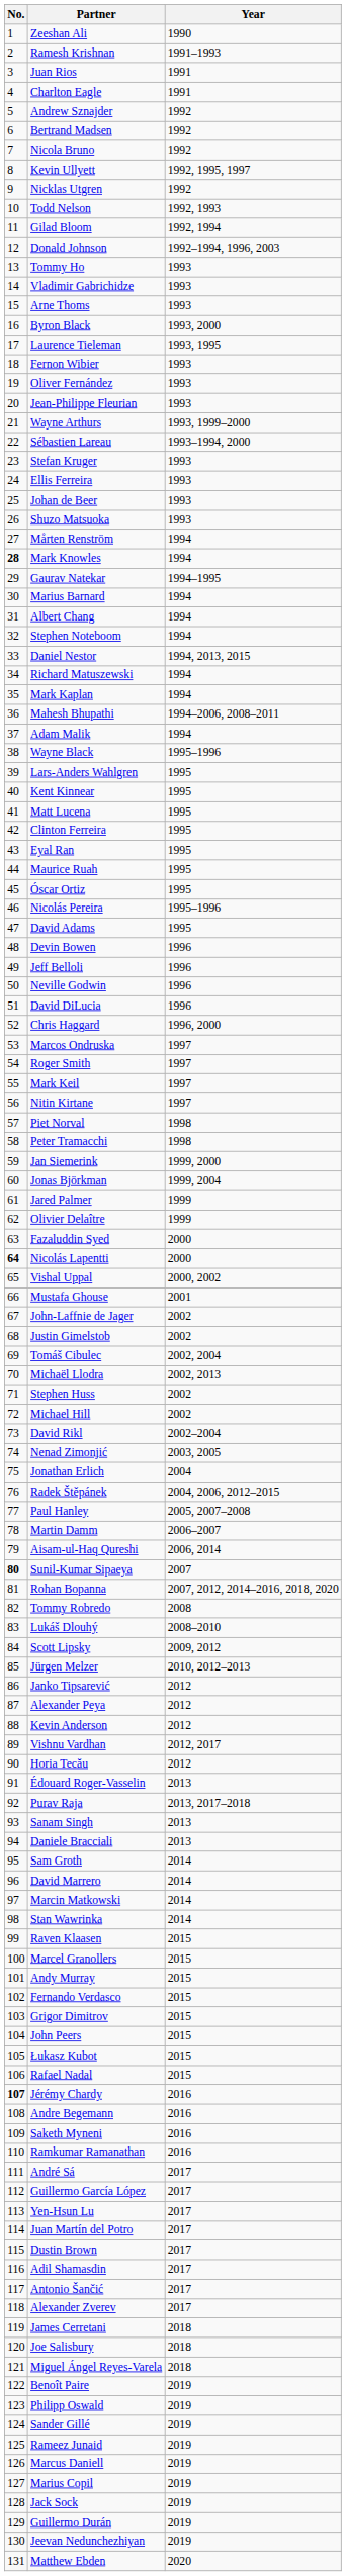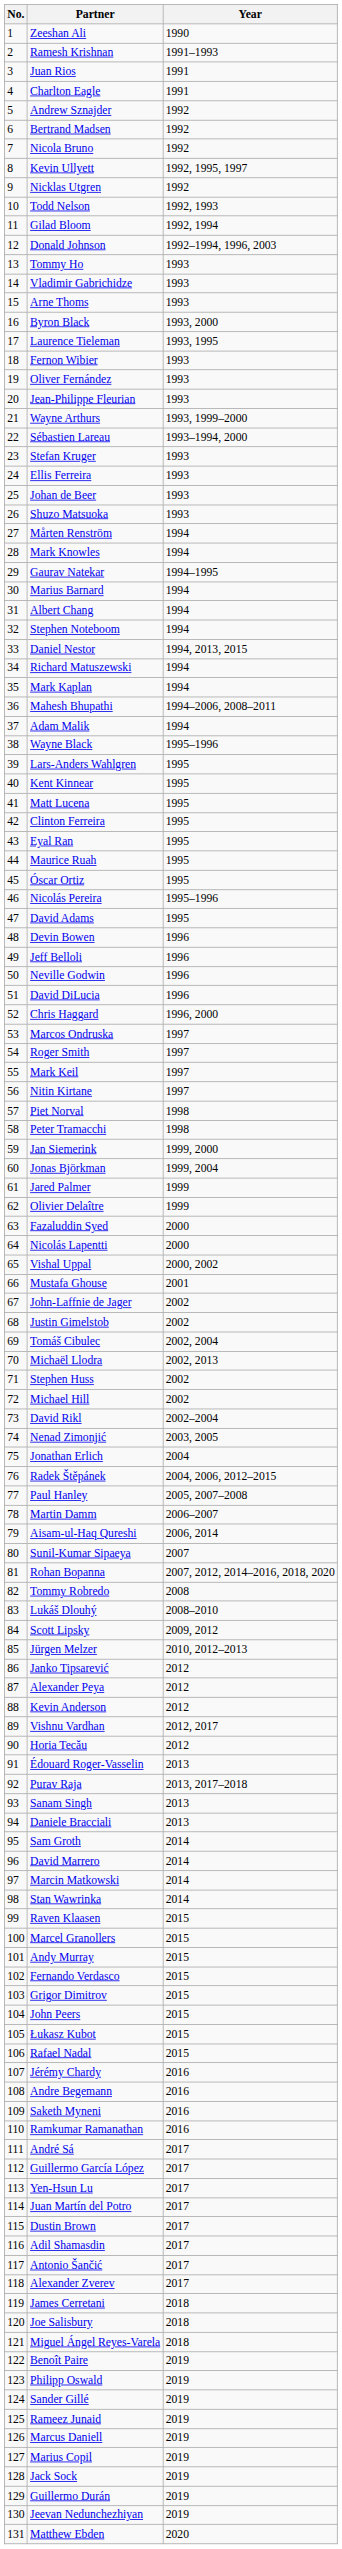 <table class="wikitable sortable" style=font-size:90%>
 <tr>
 <th>No.</th>
 <th>Partner</th>
 <th>Year</th>
 </tr>
 <tr>
 <td>1</td>
 <td> <a href='#'>Zeeshan Ali</a></td>
 <td>1990</td>
 </tr>
 <tr>
 <td>2</td>
 <td> <a href='#'>Ramesh Krishnan</a></td>
 <td>1991–1993</td>
 </tr>
 <tr>
 <td>3</td>
 <td> <a href='#'>Juan Rios</a></td>
 <td>1991</td>
 </tr>
 <tr>
 <td>4</td>
 <td> <a href='#'>Charlton Eagle</a></td>
 <td>1991</td>
 </tr>
 <tr>
 <td>5</td>
 <td> <a href='#'>Andrew Sznajder</a></td>
 <td>1992</td>
 </tr>
 <tr>
 <td>6</td>
 <td> <a href='#'>Bertrand Madsen</a></td>
 <td>1992</td>
 </tr>
 <tr>
 <td>7</td>
 <td> <a href='#'>Nicola Bruno</a></td>
 <td>1992</td>
 </tr>
 <tr>
 <td>8</td>
 <td> <a href='#'>Kevin Ullyett</a></td>
 <td>1992, 1995, 1997</td>
 </tr>
 <tr>
 <td>9</td>
 <td> <a href='#'>Nicklas Utgren</a></td>
 <td>1992</td>
 </tr>
 <tr>
 <td>10</td>
 <td> <a href='#'>Todd Nelson</a></td>
 <td>1992, 1993</td>
 </tr>
 <tr>
 <td>11</td>
 <td> <a href='#'>Gilad Bloom</a></td>
 <td>1992, 1994</td>
 </tr>
 <tr>
 <td>12</td>
 <td> <a href='#'>Donald Johnson</a></td>
 <td>1992–1994, 1996, 2003</td>
 </tr>
 <tr>
 <td>13</td>
 <td> <a href='#'>Tommy Ho</a></td>
 <td>1993</td>
 </tr>
 <tr>
 <td>14</td>
 <td> <a href='#'>Vladimir Gabrichidze</a></td>
 <td>1993</td>
 </tr>
 <tr>
 <td>15</td>
 <td> <a href='#'>Arne Thoms</a></td>
 <td>1993</td>
 </tr>
 <tr>
 <td>16</td>
 <td> <a href='#'>Byron Black</a></td>
 <td>1993, 2000</td>
 </tr>
 <tr>
 <td>17</td>
 <td> <a href='#'>Laurence Tieleman</a></td>
 <td>1993, 1995</td>
 </tr>
 <tr>
 <td>18</td>
 <td> <a href='#'>Fernon Wibier</a></td>
 <td>1993</td>
 </tr>
 <tr>
 <td>19</td>
 <td> <a href='#'>Oliver Fernández</a></td>
 <td>1993</td>
 </tr>
 <tr>
 <td>20</td>
 <td> <a href='#'>Jean-Philippe Fleurian</a></td>
 <td>1993</td>
 </tr>
 <tr>
 <td>21</td>
 <td> <a href='#'>Wayne Arthurs</a></td>
 <td>1993, 1999–2000</td>
 </tr>
 <tr>
 <td>22</td>
 <td> <a href='#'>Sébastien Lareau</a></td>
 <td>1993–1994, 2000</td>
 </tr>
 <tr>
 <td>23</td>
 <td> <a href='#'>Stefan Kruger</a></td>
 <td>1993</td>
 </tr>
 <tr>
 <td>24</td>
 <td> <a href='#'>Ellis Ferreira</a></td>
 <td>1993</td>
 </tr>
 <tr>
 <td>25</td>
 <td> <a href='#'>Johan de Beer</a></td>
 <td>1993</td>
 </tr>
 <tr>
 <td>26</td>
 <td> <a href='#'>Shuzo Matsuoka</a></td>
 <td>1993</td>
 </tr>
 <tr>
 <td>27</td>
 <td> <a href='#'>Mårten Renström</a></td>
 <td>1994</td>
 </tr>
 <tr>
-<td><strong>28</strong></td>
+<td>28</td>
 <td> <a href='#'>Mark Knowles</a></td>
 <td>1994</td>
 </tr>
 <tr>
 <td>29</td>
 <td> <a href='#'>Gaurav Natekar</a></td>
 <td>1994–1995</td>
 </tr>
 <tr>
 <td>30</td>
 <td> <a href='#'>Marius Barnard</a></td>
 <td>1994</td>
 </tr>
 <tr>
 <td>31</td>
 <td> <a href='#'>Albert Chang</a></td>
 <td>1994</td>
 </tr>
 <tr>
 <td>32</td>
 <td> <a href='#'>Stephen Noteboom</a></td>
 <td>1994</td>
 </tr>
 <tr>
 <td>33</td>
 <td> <a href='#'>Daniel Nestor</a></td>
 <td>1994, 2013, 2015</td>
 </tr>
 <tr>
 <td>34</td>
 <td> <a href='#'>Richard Matuszewski</a></td>
 <td>1994</td>
 </tr>
 <tr>
 <td>35</td>
 <td> <a href='#'>Mark Kaplan</a></td>
 <td>1994</td>
 </tr>
 <tr>
 <td>36</td>
 <td> <a href='#'>Mahesh Bhupathi</a></td>
 <td>1994–2006, 2008–2011</td>
 </tr>
 <tr>
 <td>37</td>
 <td> <a href='#'>Adam Malik</a></td>
 <td>1994</td>
 </tr>
 <tr>
 <td>38</td>
 <td> <a href='#'>Wayne Black</a></td>
 <td>1995–1996</td>
 </tr>
 <tr>
 <td>39</td>
 <td> <a href='#'>Lars-Anders Wahlgren</a></td>
 <td>1995</td>
 </tr>
 <tr>
 <td>40</td>
 <td> <a href='#'>Kent Kinnear</a></td>
 <td>1995</td>
 </tr>
 <tr>
 <td>41</td>
 <td> <a href='#'>Matt Lucena</a></td>
 <td>1995</td>
 </tr>
 <tr>
 <td>42</td>
 <td> <a href='#'>Clinton Ferreira</a></td>
 <td>1995</td>
 </tr>
 <tr>
 <td>43</td>
 <td> <a href='#'>Eyal Ran</a></td>
 <td>1995</td>
 </tr>
 <tr>
 <td>44</td>
 <td> <a href='#'>Maurice Ruah</a></td>
 <td>1995</td>
 </tr>
 <tr>
 <td>45</td>
 <td> <a href='#'>Óscar Ortiz</a></td>
 <td>1995</td>
 </tr>
 <tr>
 <td>46</td>
 <td> <a href='#'>Nicolás Pereira</a></td>
 <td>1995–1996</td>
 </tr>
 <tr>
 <td>47</td>
 <td> <a href='#'>David Adams</a></td>
 <td>1995</td>
 </tr>
 <tr>
 <td>48</td>
 <td> <a href='#'>Devin Bowen</a></td>
 <td>1996</td>
 </tr>
 <tr>
 <td>49</td>
 <td> <a href='#'>Jeff Belloli</a></td>
 <td>1996</td>
 </tr>
 <tr>
 <td>50</td>
 <td> <a href='#'>Neville Godwin</a></td>
 <td>1996</td>
 </tr>
 <tr>
 <td>51</td>
 <td> <a href='#'>David DiLucia</a></td>
 <td>1996</td>
 </tr>
 <tr>
 <td>52</td>
 <td> <a href='#'>Chris Haggard</a></td>
 <td>1996, 2000</td>
 </tr>
 <tr>
 <td>53</td>
 <td> <a href='#'>Marcos Ondruska</a></td>
 <td>1997</td>
 </tr>
 <tr>
 <td>54</td>
 <td> <a href='#'>Roger Smith</a></td>
 <td>1997</td>
 </tr>
 <tr>
 <td>55</td>
 <td> <a href='#'>Mark Keil</a></td>
 <td>1997</td>
 </tr>
 <tr>
 <td>56</td>
 <td> <a href='#'>Nitin Kirtane</a></td>
 <td>1997</td>
 </tr>
 <tr>
 <td>57</td>
 <td> <a href='#'>Piet Norval</a></td>
 <td>1998</td>
 </tr>
 <tr>
 <td>58</td>
 <td> <a href='#'>Peter Tramacchi</a></td>
 <td>1998</td>
 </tr>
 <tr>
 <td>59</td>
 <td> <a href='#'>Jan Siemerink</a></td>
 <td>1999, 2000</td>
 </tr>
 <tr>
 <td>60</td>
 <td> <a href='#'>Jonas Björkman</a></td>
 <td>1999, 2004</td>
 </tr>
 <tr>
 <td>61</td>
 <td> <a href='#'>Jared Palmer</a></td>
 <td>1999</td>
 </tr>
 <tr>
 <td>62</td>
 <td> <a href='#'>Olivier Delaître</a></td>
 <td>1999</td>
 </tr>
 <tr>
 <td>63</td>
 <td> <a href='#'>Fazaluddin Syed</a></td>
 <td>2000</td>
 </tr>
 <tr>
-<td><strong>64</strong></td>
+<td>64</td>
 <td> <a href='#'>Nicolás Lapentti</a></td>
 <td>2000</td>
 </tr>
 <tr>
 <td>65</td>
 <td> <a href='#'>Vishal Uppal</a></td>
 <td>2000, 2002</td>
 </tr>
 <tr>
 <td>66</td>
 <td> <a href='#'>Mustafa Ghouse</a></td>
 <td>2001</td>
 </tr>
 <tr>
 <td>67</td>
 <td> <a href='#'>John-Laffnie de Jager</a></td>
 <td>2002</td>
 </tr>
 <tr>
 <td>68</td>
 <td> <a href='#'>Justin Gimelstob</a></td>
 <td>2002</td>
 </tr>
 <tr>
 <td>69</td>
 <td> <a href='#'>Tomáš Cibulec</a></td>
 <td>2002, 2004</td>
 </tr>
 <tr>
 <td>70</td>
 <td> <a href='#'>Michaël Llodra</a></td>
 <td>2002, 2013</td>
 </tr>
 <tr>
 <td>71</td>
 <td> <a href='#'>Stephen Huss</a></td>
 <td>2002</td>
 </tr>
 <tr>
 <td>72</td>
 <td> <a href='#'>Michael Hill</a></td>
 <td>2002</td>
 </tr>
 <tr>
 <td>73</td>
 <td> <a href='#'>David Rikl</a></td>
 <td>2002–2004</td>
 </tr>
 <tr>
 <td>74</td>
 <td> <a href='#'>Nenad Zimonjić</a></td>
 <td>2003, 2005</td>
 </tr>
 <tr>
 <td>75</td>
 <td> <a href='#'>Jonathan Erlich</a></td>
 <td>2004</td>
 </tr>
 <tr>
 <td>76</td>
 <td> <a href='#'>Radek Štěpánek</a></td>
 <td>2004, 2006, 2012–2015</td>
 </tr>
 <tr>
 <td>77</td>
 <td> <a href='#'>Paul Hanley</a></td>
 <td>2005, 2007–2008</td>
 </tr>
 <tr>
 <td>78</td>
 <td> <a href='#'>Martin Damm</a></td>
 <td>2006–2007</td>
 </tr>
 <tr>
 <td>79</td>
 <td> <a href='#'>Aisam-ul-Haq Qureshi</a></td>
 <td>2006, 2014</td>
 </tr>
 <tr>
-<td><strong>80</strong></td>
+<td>80</td>
 <td> <a href='#'>Sunil-Kumar Sipaeya</a></td>
 <td>2007</td>
 </tr>
 <tr>
 <td>81</td>
 <td> <a href='#'>Rohan Bopanna</a></td>
 <td>2007, 2012, 2014–2016, 2018, 2020</td>
 </tr>
 <tr>
 <td>82</td>
 <td> <a href='#'>Tommy Robredo</a></td>
 <td>2008</td>
 </tr>
 <tr>
 <td>83</td>
 <td> <a href='#'>Lukáš Dlouhý</a></td>
 <td>2008–2010</td>
 </tr>
 <tr>
 <td>84</td>
 <td> <a href='#'>Scott Lipsky</a></td>
 <td>2009, 2012</td>
 </tr>
 <tr>
 <td>85</td>
 <td> <a href='#'>Jürgen Melzer</a></td>
 <td>2010, 2012–2013</td>
 </tr>
 <tr>
 <td>86</td>
 <td> <a href='#'>Janko Tipsarević</a></td>
 <td>2012</td>
 </tr>
 <tr>
 <td>87</td>
 <td> <a href='#'>Alexander Peya</a></td>
 <td>2012</td>
 </tr>
 <tr>
 <td>88</td>
 <td> <a href='#'>Kevin Anderson</a></td>
 <td>2012</td>
 </tr>
 <tr>
 <td>89</td>
 <td> <a href='#'>Vishnu Vardhan</a></td>
 <td>2012, 2017</td>
 </tr>
 <tr>
 <td>90</td>
 <td> <a href='#'>Horia Tecău</a></td>
 <td>2012</td>
 </tr>
 <tr>
 <td>91</td>
 <td> <a href='#'>Édouard Roger-Vasselin</a></td>
 <td>2013</td>
 </tr>
 <tr>
 <td>92</td>
 <td> <a href='#'>Purav Raja</a></td>
 <td>2013, 2017–2018</td>
 </tr>
 <tr>
 <td>93</td>
 <td> <a href='#'>Sanam Singh</a></td>
 <td>2013</td>
 </tr>
 <tr>
 <td>94</td>
 <td> <a href='#'>Daniele Bracciali</a></td>
 <td>2013</td>
 </tr>
 <tr>
 <td>95</td>
 <td> <a href='#'>Sam Groth</a></td>
 <td>2014</td>
 </tr>
 <tr>
 <td>96</td>
 <td> <a href='#'>David Marrero</a></td>
 <td>2014</td>
 </tr>
 <tr>
 <td>97</td>
 <td> <a href='#'>Marcin Matkowski</a></td>
 <td>2014</td>
 </tr>
 <tr>
 <td>98</td>
 <td> <a href='#'>Stan Wawrinka</a></td>
 <td>2014</td>
 </tr>
 <tr>
 <td>99</td>
 <td> <a href='#'>Raven Klaasen</a></td>
 <td>2015</td>
 </tr>
 <tr>
 <td>100</td>
 <td> <a href='#'>Marcel Granollers</a></td>
 <td>2015</td>
 </tr>
 <tr>
 <td>101</td>
 <td> <a href='#'>Andy Murray</a></td>
 <td>2015</td>
 </tr>
 <tr>
 <td>102</td>
 <td> <a href='#'>Fernando Verdasco</a></td>
 <td>2015</td>
 </tr>
 <tr>
 <td>103</td>
 <td> <a href='#'>Grigor Dimitrov</a></td>
 <td>2015</td>
 </tr>
 <tr>
 <td>104</td>
 <td> <a href='#'>John Peers</a></td>
 <td>2015</td>
 </tr>
 <tr>
 <td>105</td>
 <td> <a href='#'>Łukasz Kubot</a></td>
 <td>2015</td>
 </tr>
 <tr>
 <td>106</td>
 <td> <a href='#'>Rafael Nadal</a></td>
 <td>2015</td>
 </tr>
 <tr>
-<td><strong>107</strong></td>
+<td>107</td>
 <td> <a href='#'>Jérémy Chardy</a></td>
 <td>2016</td>
 </tr>
 <tr>
 <td>108</td>
 <td> <a href='#'>Andre Begemann</a></td>
 <td>2016</td>
 </tr>
 <tr>
 <td>109</td>
 <td> <a href='#'>Saketh Myneni</a></td>
 <td>2016</td>
 </tr>
 <tr>
 <td>110</td>
 <td> <a href='#'>Ramkumar Ramanathan</a></td>
 <td>2016</td>
 </tr>
 <tr>
 <td>111</td>
 <td> <a href='#'>André Sá</a></td>
 <td>2017</td>
 </tr>
 <tr>
 <td>112</td>
 <td> <a href='#'>Guillermo García López</a></td>
 <td>2017</td>
 </tr>
 <tr>
 <td>113</td>
 <td> <a href='#'>Yen-Hsun Lu</a></td>
 <td>2017</td>
 </tr>
 <tr>
 <td>114</td>
 <td> <a href='#'>Juan Martín del Potro</a></td>
 <td>2017</td>
 </tr>
 <tr>
 <td>115</td>
 <td> <a href='#'>Dustin Brown</a></td>
 <td>2017</td>
 </tr>
 <tr>
 <td>116</td>
 <td> <a href='#'>Adil Shamasdin</a></td>
 <td>2017</td>
 </tr>
 <tr>
 <td>117</td>
 <td> <a href='#'>Antonio Šančić</a></td>
 <td>2017</td>
 </tr>
 <tr>
 <td>118</td>
 <td> <a href='#'>Alexander Zverev</a></td>
 <td>2017</td>
 </tr>
 <tr>
 <td>119</td>
 <td> <a href='#'>James Cerretani</a></td>
 <td>2018</td>
 </tr>
 <tr>
 <td>120</td>
 <td> <a href='#'>Joe Salisbury</a></td>
 <td>2018</td>
 </tr>
 <tr>
 <td>121</td>
 <td> <a href='#'>Miguel Ángel Reyes-Varela</a></td>
 <td>2018</td>
 </tr>
 <tr>
 <td>122</td>
 <td> <a href='#'>Benoît Paire</a></td>
 <td>2019</td>
 </tr>
 <tr>
 <td>123</td>
 <td> <a href='#'>Philipp Oswald</a></td>
 <td>2019</td>
 </tr>
 <tr>
 <td>124</td>
 <td> <a href='#'>Sander Gillé</a></td>
 <td>2019</td>
 </tr>
 <tr>
 <td>125</td>
 <td> <a href='#'>Rameez Junaid</a></td>
 <td>2019</td>
 </tr>
 <tr>
 <td>126</td>
 <td> <a href='#'>Marcus Daniell</a></td>
 <td>2019</td>
 </tr>
 <tr>
 <td>127</td>
 <td> <a href='#'>Marius Copil</a></td>
 <td>2019</td>
 </tr>
 <tr>
 <td>128</td>
 <td> <a href='#'>Jack Sock</a></td>
 <td>2019</td>
 </tr>
 <tr>
 <td>129</td>
 <td> <a href='#'>Guillermo Durán</a></td>
 <td>2019</td>
 </tr>
 <tr>
 <td>130</td>
 <td> <a href='#'>Jeevan Nedunchezhiyan</a></td>
 <td>2019</td>
 </tr>
 <tr>
 <td>131</td>
 <td> <a href='#'>Matthew Ebden</a></td>
 <td>2020</td>
 </tr>
 </table>
